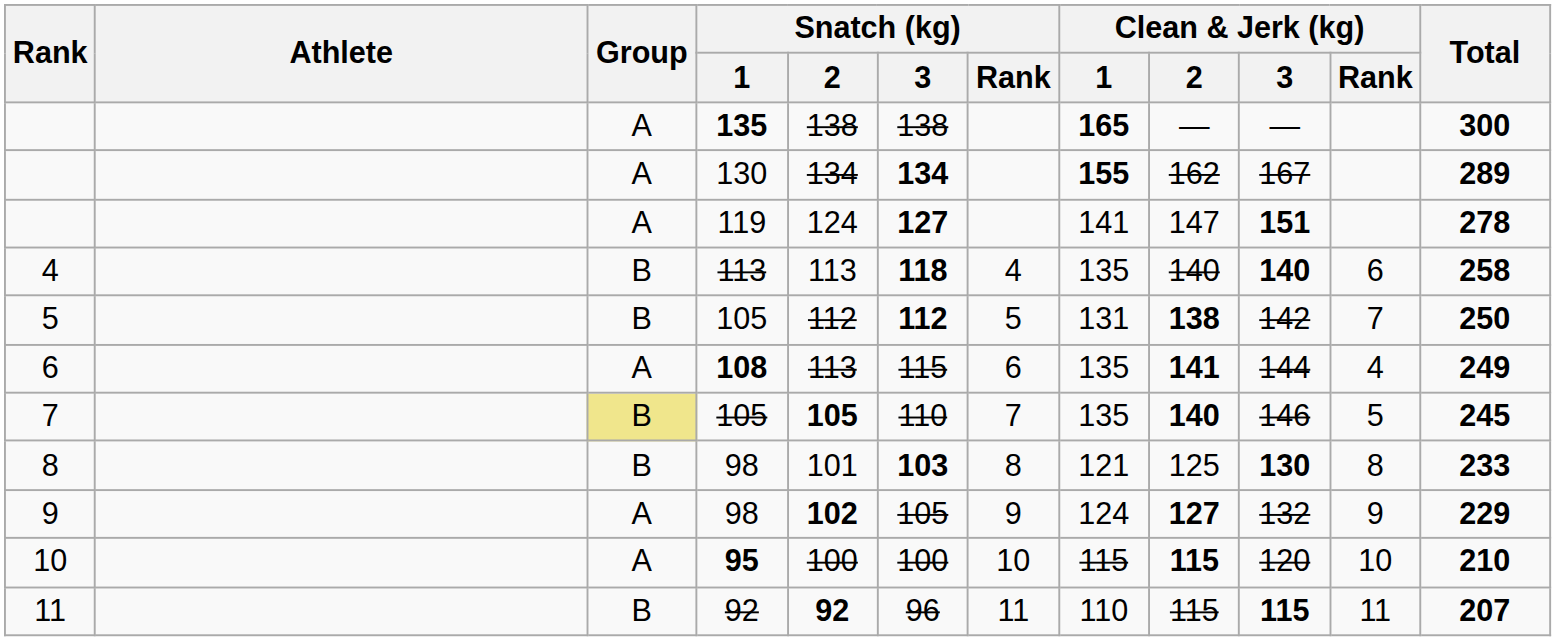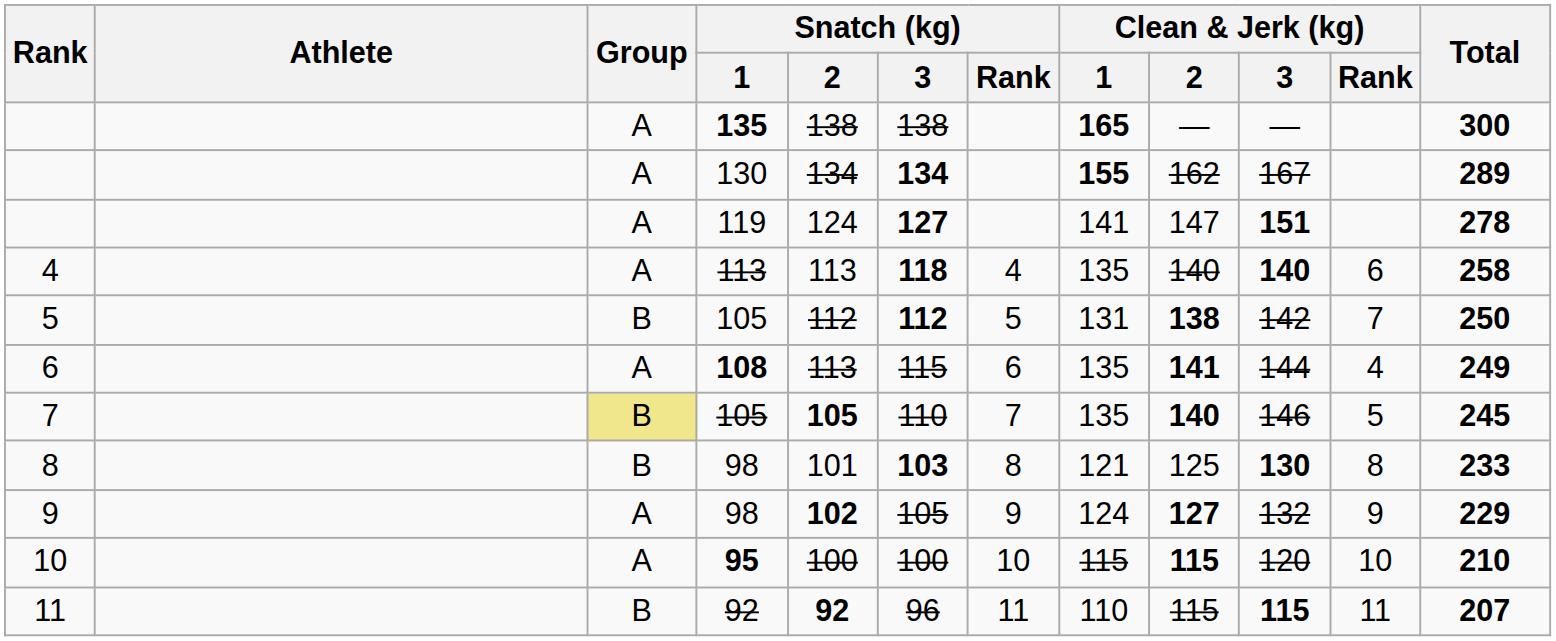 <table class = "wikitable" style="text-align:center;">
 <tr>
 <th rowspan=2 width=40>Rank</th>
 <th rowspan=2 width=250>Athlete</th>
 <th rowspan=2 width=50>Group</th>
 <th colspan=4>Snatch (kg)</th>
 <th colspan=4>Clean & Jerk (kg)</th>
 <th rowspan=2 width=60>Total</th>
 </tr>
 <tr>
 <th width=40>1</th>
 <th width=40>2</th>
 <th width=40>3</th>
 <th width=40>Rank</th>
 <th width=40>1</th>
 <th width=40>2</th>
 <th width=40>3</th>
 <th width=40>Rank</th>
 </tr>
 <tr>
 <td></td>
 <td align=left></td>
 <td>A</td>
 <td><strong>135</strong></td>
 <td><s>138</s></td>
 <td><s>138</s></td>
 <td></td>
 <td><strong>165</strong></td>
 <td>—</td>
 <td>—</td>
 <td></td>
 <td><strong>300</strong></td>
 </tr>
 <tr>
 <td></td>
 <td align=left></td>
 <td>A</td>
 <td>130</td>
 <td><s>134</s></td>
 <td><strong>134</strong></td>
 <td></td>
 <td><strong>155</strong></td>
 <td><s>162</s></td>
 <td><s>167</s></td>
 <td></td>
 <td><strong>289</strong></td>
 </tr>
 <tr>
 <td></td>
 <td align=left></td>
 <td>A</td>
 <td>119</td>
 <td>124</td>
 <td><strong>127</strong></td>
 <td></td>
 <td>141</td>
 <td>147</td>
 <td><strong>151</strong></td>
 <td></td>
 <td><strong>278</strong></td>
 </tr>
 <tr>
 <td>4</td>
 <td align=left></td>
-<td>B</td>
+<td>A</td>
 <td><s>113</s></td>
 <td>113</td>
 <td><strong>118</strong></td>
 <td>4</td>
 <td>135</td>
 <td><s>140</s></td>
 <td><strong>140</strong></td>
 <td>6</td>
 <td><strong>258</strong></td>
 </tr>
 <tr>
 <td>5</td>
 <td align=left></td>
 <td>B</td>
 <td>105</td>
 <td><s>112</s></td>
 <td><strong>112</strong></td>
 <td>5</td>
 <td>131</td>
 <td><strong>138</strong></td>
 <td><s>142</s></td>
 <td>7</td>
 <td><strong>250</strong></td>
 </tr>
 <tr>
 <td>6</td>
 <td align=left></td>
 <td>A</td>
 <td><strong>108</strong></td>
 <td><s>113</s></td>
 <td><s>115</s></td>
 <td>6</td>
 <td>135</td>
 <td><strong>141</strong></td>
 <td><s>144</s></td>
 <td>4</td>
 <td><strong>249</strong></td>
 </tr>
 <tr>
 <td>7</td>
 <td align=left></td>
 <td style="background: khaki;">B</td>
 <td><s>105</s></td>
 <td><strong>105</strong></td>
 <td><s>110</s></td>
 <td>7</td>
 <td>135</td>
 <td><strong>140</strong></td>
 <td><s>146</s></td>
 <td>5</td>
 <td><strong>245</strong></td>
 </tr>
 <tr>
 <td>8</td>
 <td align=left></td>
 <td>B</td>
 <td>98</td>
 <td>101</td>
 <td><strong>103</strong></td>
 <td>8</td>
 <td>121</td>
 <td>125</td>
 <td><strong>130</strong></td>
 <td>8</td>
 <td><strong>233</strong></td>
 </tr>
 <tr>
 <td>9</td>
 <td align=left></td>
 <td>A</td>
 <td>98</td>
 <td><strong>102</strong></td>
 <td><s>105</s></td>
 <td>9</td>
 <td>124</td>
 <td><strong>127</strong></td>
 <td><s>132</s></td>
 <td>9</td>
 <td><strong>229</strong></td>
 </tr>
 <tr>
 <td>10</td>
 <td align=left></td>
 <td>A</td>
 <td><strong>95</strong></td>
 <td><s>100</s></td>
 <td><s>100</s></td>
 <td>10</td>
 <td><s>115</s></td>
 <td><strong>115</strong></td>
 <td><s>120</s></td>
 <td>10</td>
 <td><strong>210</strong></td>
 </tr>
 <tr>
 <td>11</td>
 <td align=left></td>
 <td>B</td>
 <td><s>92</s></td>
 <td><strong>92</strong></td>
 <td><s>96</s></td>
 <td>11</td>
 <td>110</td>
 <td><s>115</s></td>
 <td><strong>115</strong></td>
 <td>11</td>
 <td><strong>207</strong></td>
 </tr>
 </table>
